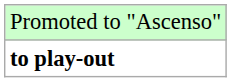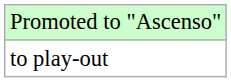 <table class="wikitable">
 <tr width=10px bgcolor="#ccffcc">
 <td>Promoted to "Ascenso"</td>
 </tr>
 <tr width=10px bgcolor="#ffffff">
-<td><strong>to play-out</strong></td>
+<td>to play-out</td>
 </tr>
 </table>
